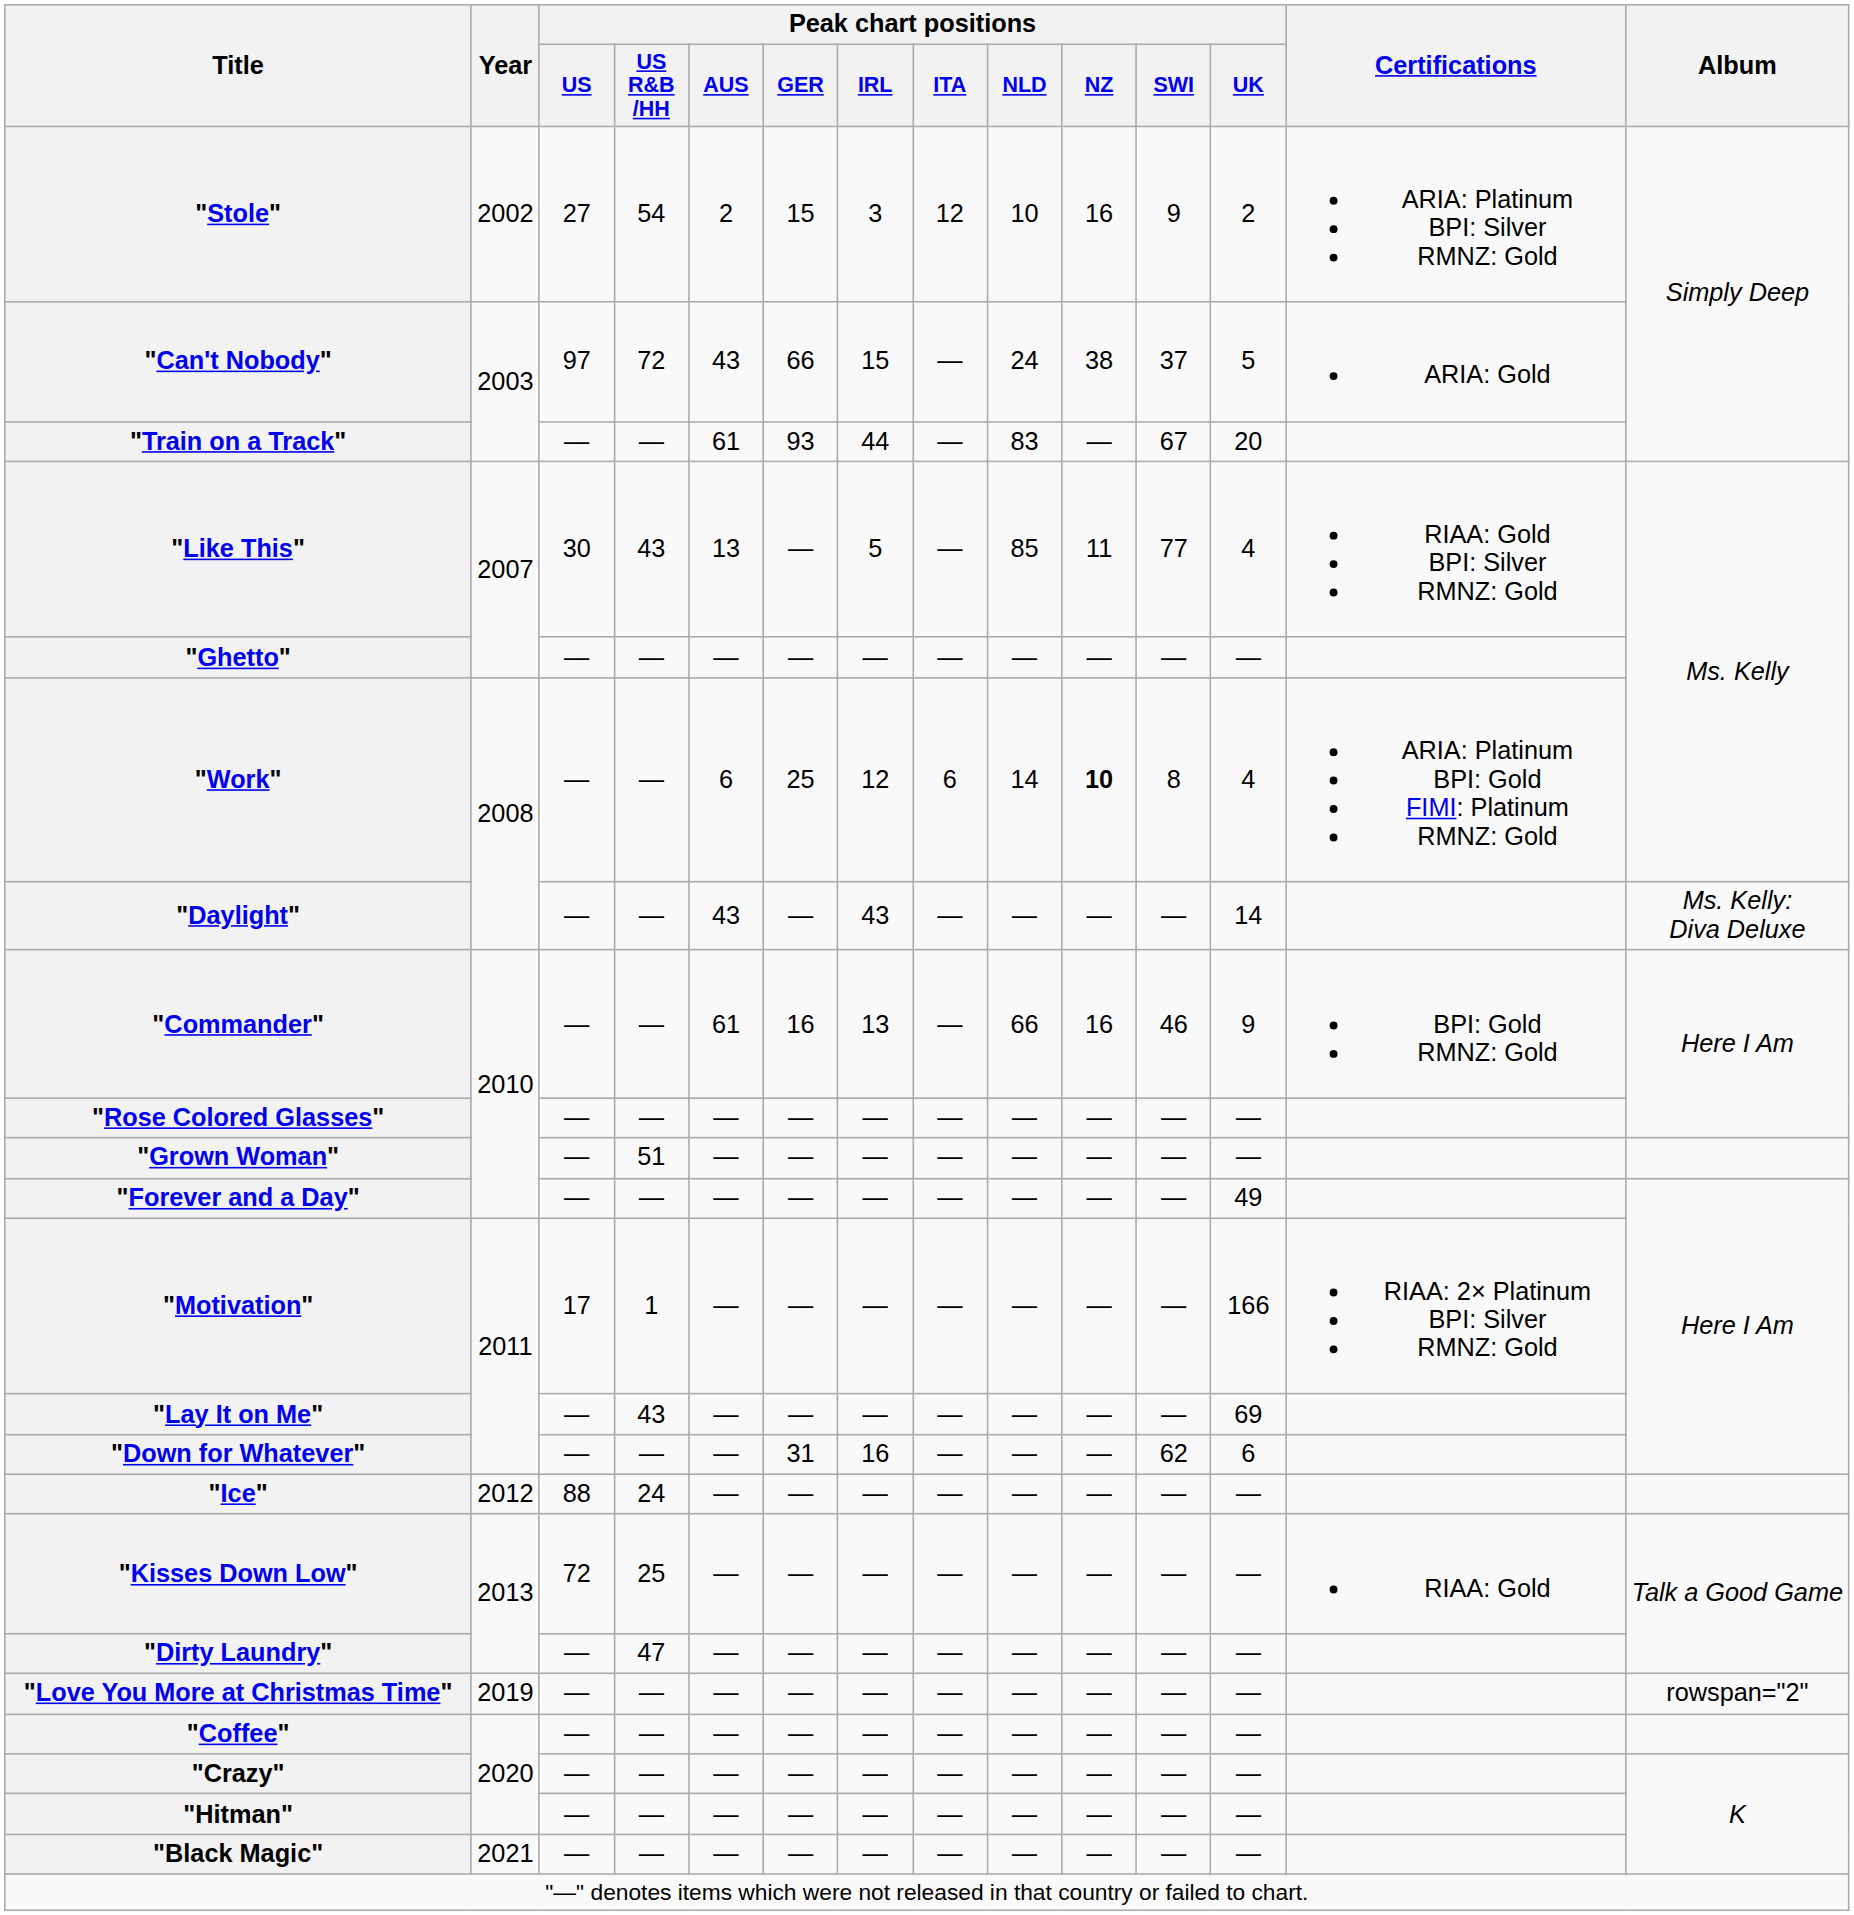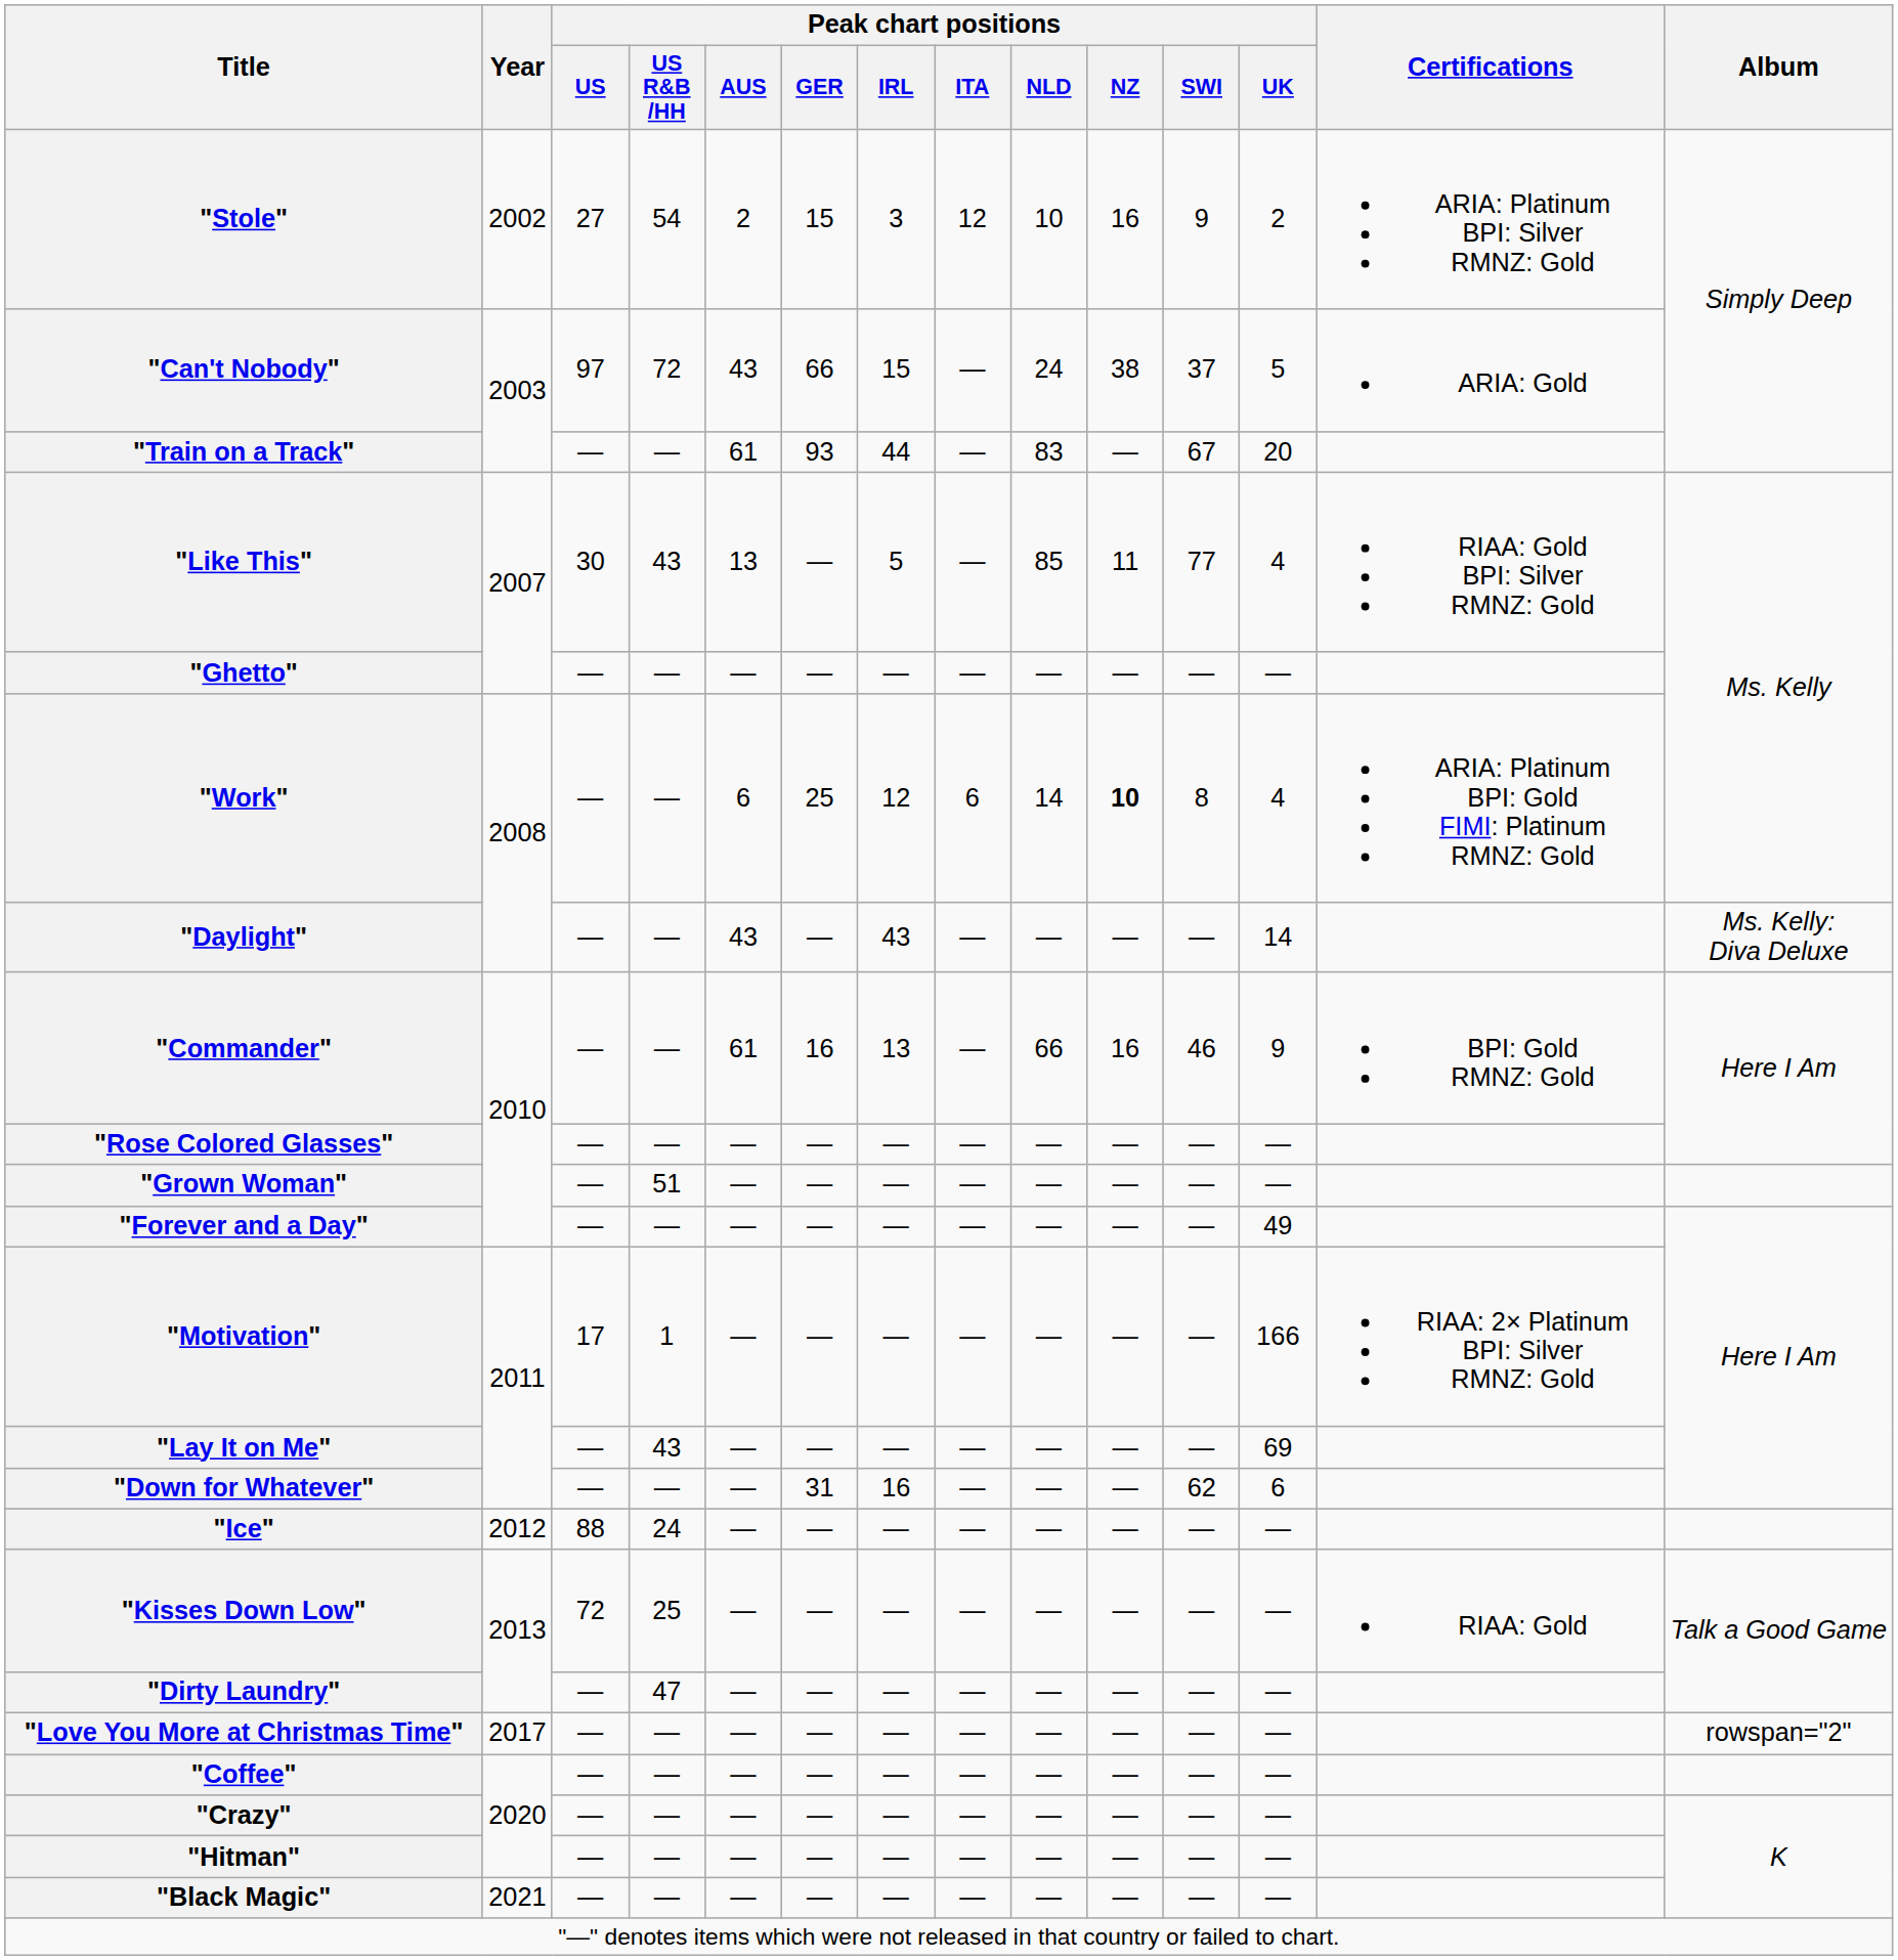 <table class="wikitable plainrowheaders" style="text-align:center;" border="1">
 <tr>
 <th scope="col" rowspan="2" style="width:18em;">Title</th>
 <th scope="col" rowspan="2">Year</th>
 <th scope="col" colspan="10">Peak chart positions</th>
 <th scope="col" rowspan="2" style="width:13em;"><a href='#'>Certifications</a></th>
 <th scope="col" rowspan="2">Album</th>
 </tr>
 <tr>
 <th scope="col" style="width:3em;font-size:85%;"><a href='#'>US</a><br></th>
 <th scope="col" style="width:3em;font-size:85%;"><a href='#'>US R&B /HH</a><br></th>
 <th scope="col" style="width:3em;font-size:85%;"><a href='#'>AUS</a><br></th>
 <th scope="col" style="width:3em;font-size:85%;"><a href='#'>GER</a><br></th>
 <th scope="col" style="width:3em;font-size:85%;"><a href='#'>IRL</a><br></th>
 <th scope="col" style="width:3em;font-size:85%;"><a href='#'>ITA</a><br></th>
 <th scope="col" style="width:3em;font-size:85%;"><a href='#'>NLD</a><br></th>
 <th scope="col" style="width:3em;font-size:85%;"><a href='#'>NZ</a><br></th>
 <th scope="col" style="width:3em;font-size:85%;"><a href='#'>SWI</a><br></th>
 <th scope="col" style="width:3em;font-size:85%;"><a href='#'>UK</a><br></th>
 </tr>
 <tr>
 <th scope="row">"<a href='#'>Stole</a>"</th>
 <td>2002</td>
 <td>27</td>
 <td>54</td>
 <td>2</td>
 <td>15</td>
 <td>3</td>
 <td>12</td>
 <td>10</td>
 <td>16</td>
 <td>9</td>
 <td>2</td>
 <td><br><ul><li>ARIA: Platinum</li><li>BPI: Silver</li><li>RMNZ: Gold</li></ul></td>
 <td rowspan="3"><em>Simply Deep</em></td>
 </tr>
 <tr>
 <th scope="row">"<a href='#'>Can't Nobody</a>"</th>
 <td rowspan="2">2003</td>
 <td>97</td>
 <td>72</td>
 <td>43</td>
 <td>66</td>
 <td>15</td>
 <td>—</td>
 <td>24</td>
 <td>38</td>
 <td>37</td>
 <td>5</td>
 <td><br><ul><li>ARIA: Gold</li></ul></td>
 </tr>
 <tr>
 <th scope="row">"<a href='#'>Train on a Track</a>"</th>
 <td>—</td>
 <td>—</td>
 <td>61</td>
 <td>93</td>
 <td>44</td>
 <td>—</td>
 <td>83</td>
 <td>—</td>
 <td>67</td>
 <td>20</td>
 <td></td>
 </tr>
 <tr>
 <th scope="row">"<a href='#'>Like This</a>" <br></th>
 <td rowspan="2">2007</td>
 <td>30</td>
 <td>43</td>
 <td>13</td>
 <td>—</td>
 <td>5</td>
 <td>—</td>
 <td>85</td>
 <td>11</td>
 <td>77</td>
 <td>4</td>
 <td><br><ul><li>RIAA: Gold</li><li>BPI: Silver</li><li>RMNZ: Gold</li></ul></td>
 <td rowspan="3"><em>Ms. Kelly</em></td>
 </tr>
 <tr>
 <th scope="row">"<a href='#'>Ghetto</a>"<br></th>
 <td>—</td>
 <td>—</td>
 <td>—</td>
 <td>—</td>
 <td>—</td>
 <td>—</td>
 <td>—</td>
 <td>—</td>
 <td>—</td>
 <td>—</td>
 <td></td>
 </tr>
 <tr>
 <th scope="row">"<a href='#'>Work</a>"<br></th>
 <td rowspan="2">2008</td>
 <td>—</td>
 <td>—</td>
 <td>6</td>
 <td>25</td>
 <td>12</td>
 <td>6</td>
 <td>14</td>
 <td><strong>10</strong></td>
 <td>8</td>
 <td>4</td>
 <td><br><ul><li>ARIA: Platinum</li><li>BPI: Gold</li><li><a href='#'>FIMI</a>: Platinum</li><li>RMNZ: Gold</li></ul></td>
 </tr>
 <tr>
 <th scope="row">"<a href='#'>Daylight</a>"<br></th>
 <td>—</td>
 <td>—</td>
 <td>43</td>
 <td>—</td>
 <td>43</td>
 <td>—</td>
 <td>—</td>
 <td>—</td>
 <td>—</td>
 <td>14</td>
 <td></td>
 <td rowspan="1"><em>Ms. Kelly:<br>Diva Deluxe</em></td>
 </tr>
 <tr>
 <th scope="row">"<a href='#'>Commander</a>" <br></th>
 <td rowspan="4">2010</td>
 <td>—</td>
 <td>—</td>
 <td>61</td>
 <td>16</td>
 <td>13</td>
 <td>—</td>
 <td>66</td>
 <td>16</td>
 <td>46</td>
 <td>9</td>
 <td><br><ul><li>BPI: Gold</li><li>RMNZ: Gold</li></ul></td>
 <td rowspan="2"><em>Here I Am</em></td>
 </tr>
 <tr>
 <th scope="row">"<a href='#'>Rose Colored Glasses</a>"</th>
 <td>—</td>
 <td>—</td>
 <td>—</td>
 <td>—</td>
 <td>—</td>
 <td>—</td>
 <td>—</td>
 <td>—</td>
 <td>—</td>
 <td>—</td>
 <td></td>
 </tr>
 <tr>
 <th scope="row">"<a href='#'>Grown Woman</a>"</th>
 <td>—</td>
 <td>51</td>
 <td>—</td>
 <td>—</td>
 <td>—</td>
 <td>—</td>
 <td>—</td>
 <td>—</td>
 <td>—</td>
 <td>—</td>
 <td></td>
 <td></td>
 </tr>
 <tr>
 <th scope="row">"<a href='#'>Forever and a Day</a>"</th>
 <td>—</td>
 <td>—</td>
 <td>—</td>
 <td>—</td>
 <td>—</td>
 <td>—</td>
 <td>—</td>
 <td>—</td>
 <td>—</td>
 <td>49</td>
 <td></td>
 <td rowspan="4"><em>Here I Am</em></td>
 </tr>
 <tr>
 <th scope="row">"<a href='#'>Motivation</a>"<br></th>
 <td rowspan="3">2011</td>
 <td>17</td>
 <td>1</td>
 <td>—</td>
 <td>—</td>
 <td>—</td>
 <td>—</td>
 <td>—</td>
 <td>—</td>
 <td>—</td>
 <td>166</td>
 <td><br><ul><li>RIAA: 2× Platinum</li><li>BPI: Silver</li><li>RMNZ: Gold</li></ul></td>
 </tr>
 <tr>
 <th scope="row">"<a href='#'>Lay It on Me</a>"<br></th>
 <td>—</td>
 <td>43</td>
 <td>—</td>
 <td>—</td>
 <td>—</td>
 <td>—</td>
 <td>—</td>
 <td>—</td>
 <td>—</td>
 <td>69</td>
 <td></td>
 </tr>
 <tr>
 <th scope="row">"<a href='#'>Down for Whatever</a>"<br></th>
 <td>—</td>
 <td>—</td>
 <td>—</td>
 <td>31</td>
 <td>16</td>
 <td>—</td>
 <td>—</td>
 <td>—</td>
 <td>62</td>
 <td>6</td>
 <td></td>
 </tr>
 <tr>
 <th scope="row">"<a href='#'>Ice</a>"<br></th>
 <td>2012</td>
 <td>88</td>
 <td>24</td>
 <td>—</td>
 <td>—</td>
 <td>—</td>
 <td>—</td>
 <td>—</td>
 <td>—</td>
 <td>—</td>
 <td>—</td>
 <td></td>
 <td></td>
 </tr>
 <tr>
 <th scope="row">"<a href='#'>Kisses Down Low</a>"</th>
 <td rowspan="2">2013</td>
 <td>72</td>
 <td>25</td>
 <td>—</td>
 <td>—</td>
 <td>—</td>
 <td>—</td>
 <td>—</td>
 <td>—</td>
 <td>—</td>
 <td>—</td>
 <td><br><ul><li>RIAA: Gold</li></ul></td>
 <td rowspan="2"><em>Talk a Good Game</em></td>
 </tr>
 <tr>
 <th scope="row">"<a href='#'>Dirty Laundry</a>"</th>
 <td>—</td>
 <td>47</td>
 <td>—</td>
 <td>—</td>
 <td>—</td>
 <td>—</td>
 <td>—</td>
 <td>—</td>
 <td>—</td>
 <td>—</td>
 <td></td>
 </tr>
 <tr>
 <th scope="row">"<a href='#'>Love You More at Christmas Time</a>"</th>
-<td>2019</td>
+<td>2017</td>
 <td>—</td>
 <td>—</td>
 <td>—</td>
 <td>—</td>
 <td>—</td>
 <td>—</td>
 <td>—</td>
 <td>—</td>
 <td>—</td>
 <td>—</td>
 <td></td>
 <td>rowspan="2" </td>
 </tr>
 <tr>
 <th scope="row">"<a href='#'>Coffee</a>"</th>
 <td rowspan="3">2020</td>
 <td>—</td>
 <td>—</td>
 <td>—</td>
 <td>—</td>
 <td>—</td>
 <td>—</td>
 <td>—</td>
 <td>—</td>
 <td>—</td>
 <td>—</td>
 <td></td>
 </tr>
 <tr>
 <th scope="row">"Crazy"</th>
 <td>—</td>
 <td>—</td>
 <td>—</td>
 <td>—</td>
 <td>—</td>
 <td>—</td>
 <td>—</td>
 <td>—</td>
 <td>—</td>
 <td>—</td>
 <td></td>
 <td rowspan="3"><em>K</em></td>
 </tr>
 <tr>
 <th scope="row">"Hitman"</th>
 <td>—</td>
 <td>—</td>
 <td>—</td>
 <td>—</td>
 <td>—</td>
 <td>—</td>
 <td>—</td>
 <td>—</td>
 <td>—</td>
 <td>—</td>
 <td></td>
 </tr>
 <tr>
 <th scope="row">"Black Magic"</th>
 <td>2021</td>
 <td>—</td>
 <td>—</td>
 <td>—</td>
 <td>—</td>
 <td>—</td>
 <td>—</td>
 <td>—</td>
 <td>—</td>
 <td>—</td>
 <td>—</td>
 <td></td>
 </tr>
 <tr>
 <td colspan="14" style="font-size:90%;">"—" denotes items which were not released in that country or failed to chart.</td>
 </tr>
 </table>
